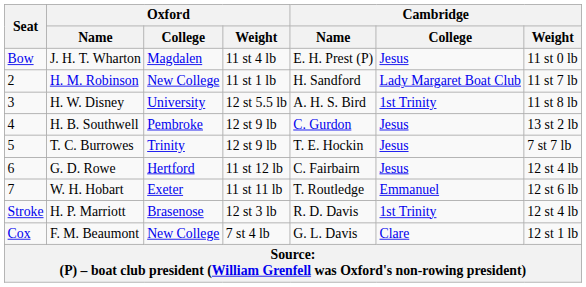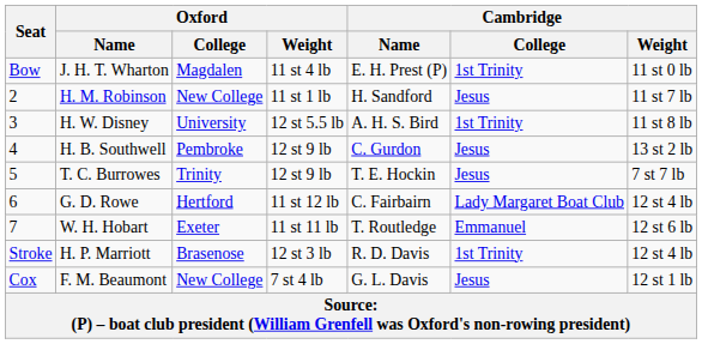 <table class="wikitable">
 <tr>
 <th rowspan="2" scope="col">Seat</th>
 <th colspan="3" scope="col">Oxford <br> </th>
 <th colspan="3" scope="col">Cambridge <br> </th>
 </tr>
 <tr>
 <th>Name</th>
 <th>College</th>
 <th>Weight</th>
 <th>Name</th>
 <th>College</th>
 <th>Weight</th>
 </tr>
 <tr>
 <td><a href='#'>Bow</a></td>
 <td>J. H. T. Wharton</td>
 <td><a href='#'>Magdalen</a></td>
 <td>11 st 4 lb</td>
 <td>E. H. Prest (P)</td>
-<td><a href='#'>Jesus</a></td>
+<td><a href='#'>1st Trinity</a></td>
 <td>11 st 0 lb</td>
 </tr>
 <tr>
 <td>2</td>
 <td><a href='#'>H. M. Robinson</a></td>
 <td><a href='#'>New College</a></td>
 <td>11 st 1 lb</td>
 <td>H. Sandford</td>
-<td><a href='#'>Lady Margaret Boat Club</a></td>
+<td><a href='#'>Jesus</a></td>
 <td>11 st 7 lb</td>
 </tr>
 <tr>
 <td>3</td>
 <td>H. W. Disney</td>
 <td><a href='#'>University</a></td>
 <td>12 st 5.5 lb</td>
 <td>A. H. S. Bird</td>
 <td><a href='#'>1st Trinity</a></td>
 <td>11 st 8 lb</td>
 </tr>
 <tr>
 <td>4</td>
 <td>H. B. Southwell</td>
 <td><a href='#'>Pembroke</a></td>
 <td>12 st 9 lb</td>
 <td><a href='#'>C. Gurdon</a></td>
 <td><a href='#'>Jesus</a></td>
 <td>13 st 2 lb</td>
 </tr>
 <tr>
 <td>5</td>
 <td>T. C. Burrowes</td>
 <td><a href='#'>Trinity</a></td>
 <td>12 st 9 lb</td>
 <td>T. E. Hockin</td>
 <td><a href='#'>Jesus</a></td>
 <td>7 st 7 lb</td>
 </tr>
 <tr>
 <td>6</td>
 <td>G. D. Rowe</td>
 <td><a href='#'>Hertford</a></td>
 <td>11 st 12 lb</td>
 <td>C. Fairbairn</td>
-<td><a href='#'>Jesus</a></td>
+<td><a href='#'>Lady Margaret Boat Club</a></td>
 <td>12 st 4 lb</td>
 </tr>
 <tr>
 <td>7</td>
 <td>W. H. Hobart</td>
 <td><a href='#'>Exeter</a></td>
 <td>11 st 11 lb</td>
 <td>T. Routledge</td>
 <td><a href='#'>Emmanuel</a></td>
 <td>12 st 6 lb</td>
 </tr>
 <tr>
 <td><a href='#'>Stroke</a></td>
 <td>H. P. Marriott</td>
 <td><a href='#'>Brasenose</a></td>
 <td>12 st 3 lb</td>
 <td>R. D. Davis</td>
 <td><a href='#'>1st Trinity</a></td>
 <td>12 st 4 lb</td>
 </tr>
 <tr>
 <td><a href='#'>Cox</a></td>
 <td>F. M. Beaumont</td>
 <td><a href='#'>New College</a></td>
 <td>7 st 4 lb</td>
 <td>G. L. Davis</td>
-<td><a href='#'>Clare</a></td>
+<td><a href='#'>Jesus</a></td>
 <td>12 st 1 lb</td>
 </tr>
 <tr>
 <th colspan="7">Source:<br>(P) – boat club president (<a href='#'>William Grenfell</a> was Oxford's non-rowing president)</th>
 </tr>
 </table>
